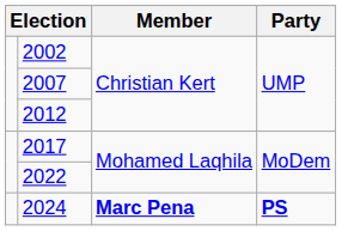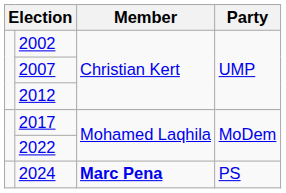 <table class="wikitable">
 <tr>
 <th colspan="2">Election</th>
 <th>Member</th>
 <th>Party</th>
 </tr>
 <tr>
 <td rowspan=3 style="color:inherit;background-color: "></td>
 <td><a href='#'>2002</a></td>
 <td rowspan=3><a href='#'>Christian Kert</a></td>
 <td rowspan=3><a href='#'>UMP</a></td>
 </tr>
 <tr>
 <td><a href='#'>2007</a></td>
 </tr>
 <tr>
 <td><a href='#'>2012</a></td>
 </tr>
 <tr>
 <td rowspan="2" style="color:inherit;background-color: "></td>
 <td><a href='#'>2017</a></td>
 <td rowspan="2"><a href='#'>Mohamed Laqhila</a></td>
 <td rowspan="2"><a href='#'>MoDem</a></td>
 </tr>
 <tr>
 <td><a href='#'>2022</a></td>
 </tr>
 <tr>
 <td rowspan="2" style="color:inherit;background-color: "></td>
 <td><a href='#'>2024</a></td>
 <td><strong><a href='#'>Marc Pena</a></strong></td>
-<td><strong><a href='#'>PS</a></strong></td>
+<td><a href='#'>PS</a></td>
 </tr>
 </table>
